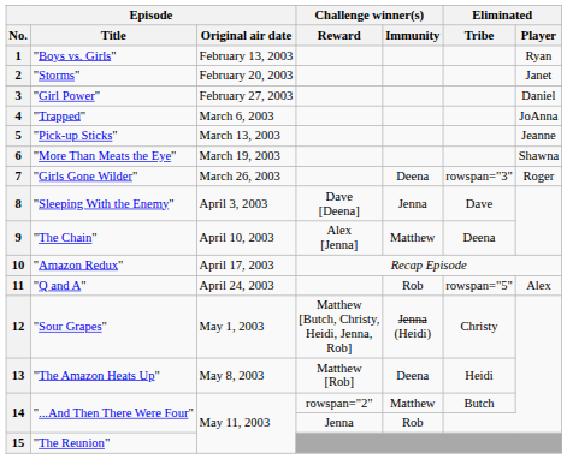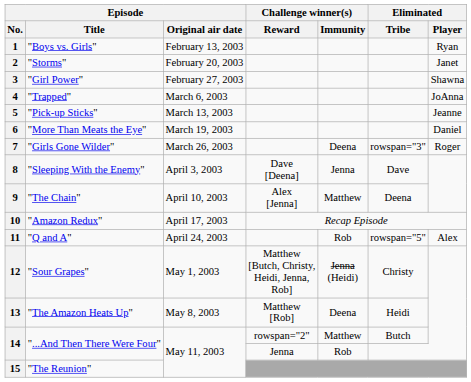 <table class="wikitable nowrap" style="margin:auto; text-align:center;">
 <tr>
 <th scope="colgroup" colspan="3">Episode</th>
 <th scope="colgroup" colspan="2">Challenge winner(s)</th>
 <th scope="colgroup" colspan="2">Eliminated</th>
 </tr>
 <tr>
 <th scope="col">No.</th>
 <th scope="col">Title</th>
 <th scope="col">Original air date</th>
 <th scope="col">Reward</th>
 <th scope="col">Immunity</th>
 <th scope="col">Tribe</th>
 <th scope="col">Player</th>
 </tr>
 <tr>
 <th>1</th>
 <td style="text-align:left;">"<a href='#'>Boys vs. Girls</a>"</td>
 <td style="text-align:left;">February 13, 2003</td>
 <td></td>
 <td></td>
 <td></td>
 <td>Ryan</td>
 </tr>
 <tr>
 <th>2</th>
 <td style="text-align:left;">"<a href='#'>Storms</a>"</td>
 <td style="text-align:left;">February 20, 2003</td>
 <td></td>
 <td></td>
 <td></td>
 <td>Janet</td>
 </tr>
 <tr>
 <th>3</th>
 <td style="text-align:left;">"<a href='#'>Girl Power</a>"</td>
 <td style="text-align:left;">February 27, 2003</td>
 <td></td>
 <td></td>
 <td></td>
-<td>Daniel</td>
+<td>Shawna</td>
 </tr>
 <tr>
 <th>4</th>
 <td style="text-align:left;">"<a href='#'>Trapped</a>"</td>
 <td style="text-align:left;">March 6, 2003</td>
 <td></td>
 <td></td>
 <td></td>
 <td>JoAnna</td>
 </tr>
 <tr>
 <th>5</th>
 <td style="text-align:left;">"<a href='#'>Pick-up Sticks</a>"</td>
 <td style="text-align:left;">March 13, 2003</td>
 <td></td>
 <td></td>
 <td></td>
 <td>Jeanne</td>
 </tr>
 <tr>
 <th>6</th>
 <td style="text-align:left;">"<a href='#'>More Than Meats the Eye</a>"</td>
 <td style="text-align:left;">March 19, 2003</td>
 <td></td>
 <td></td>
 <td></td>
-<td>Shawna</td>
+<td>Daniel</td>
 </tr>
 <tr>
 <th>7</th>
 <td style="text-align:left;">"<a href='#'>Girls Gone Wilder</a>"</td>
 <td style="text-align:left;">March 26, 2003</td>
 <td></td>
 <td>Deena</td>
 <td>rowspan="3" </td>
 <td>Roger</td>
 </tr>
 <tr>
 <th>8</th>
 <td style="text-align:left;">"<a href='#'>Sleeping With the Enemy</a>"</td>
 <td style="text-align:left;">April 3, 2003</td>
 <td>Dave<br>[Deena]</td>
 <td>Jenna</td>
 <td>Dave</td>
 </tr>
 <tr>
 <th>9</th>
 <td style="text-align:left;">"<a href='#'>The Chain</a>"</td>
 <td style="text-align:left;">April 10, 2003</td>
 <td>Alex<br>[Jenna]</td>
 <td>Matthew</td>
 <td>Deena</td>
 </tr>
 <tr>
 <th>10</th>
 <td style="text-align:left;">"<a href='#'>Amazon Redux</a>"</td>
 <td style="text-align:left;">April 17, 2003</td>
 <td colspan="4"><em>Recap Episode</em></td>
 </tr>
 <tr>
 <th>11</th>
 <td style="text-align:left;">"<a href='#'>Q and A</a>"</td>
 <td style="text-align:left;">April 24, 2003</td>
 <td></td>
 <td>Rob</td>
 <td>rowspan="5" </td>
 <td>Alex</td>
 </tr>
 <tr>
 <th>12</th>
 <td style="text-align:left;">"<a href='#'>Sour Grapes</a>"</td>
 <td style="text-align:left;">May 1, 2003</td>
 <td>Matthew<br>[Butch, Christy,<br>Heidi, Jenna,<br>Rob]</td>
 <td><s>Jenna</s><br>(Heidi)</td>
 <td>Christy</td>
 </tr>
 <tr>
 <th>13</th>
 <td style="text-align:left;">"<a href='#'>The Amazon Heats Up</a>"</td>
 <td style="text-align:left;">May 8, 2003</td>
 <td>Matthew<br>[Rob]</td>
 <td>Deena</td>
 <td>Heidi</td>
 </tr>
 <tr>
 <th rowspan="2">14</th>
 <td rowspan="2" style="text-align:left;">"<a href='#'>...And Then There Were Four</a>"</td>
 <td rowspan="3" style="text-align:left;">May 11, 2003</td>
 <td>rowspan="2" </td>
 <td>Matthew</td>
 <td>Butch</td>
 </tr>
 <tr>
 <td>Jenna</td>
 <td>Rob</td>
 </tr>
 <tr>
 <th>15</th>
 <td style="text-align:left;">"<a href='#'>The Reunion</a>"</td>
 <td colspan="4" style="background-color:darkgrey;"></td>
 </tr>
 </table>
